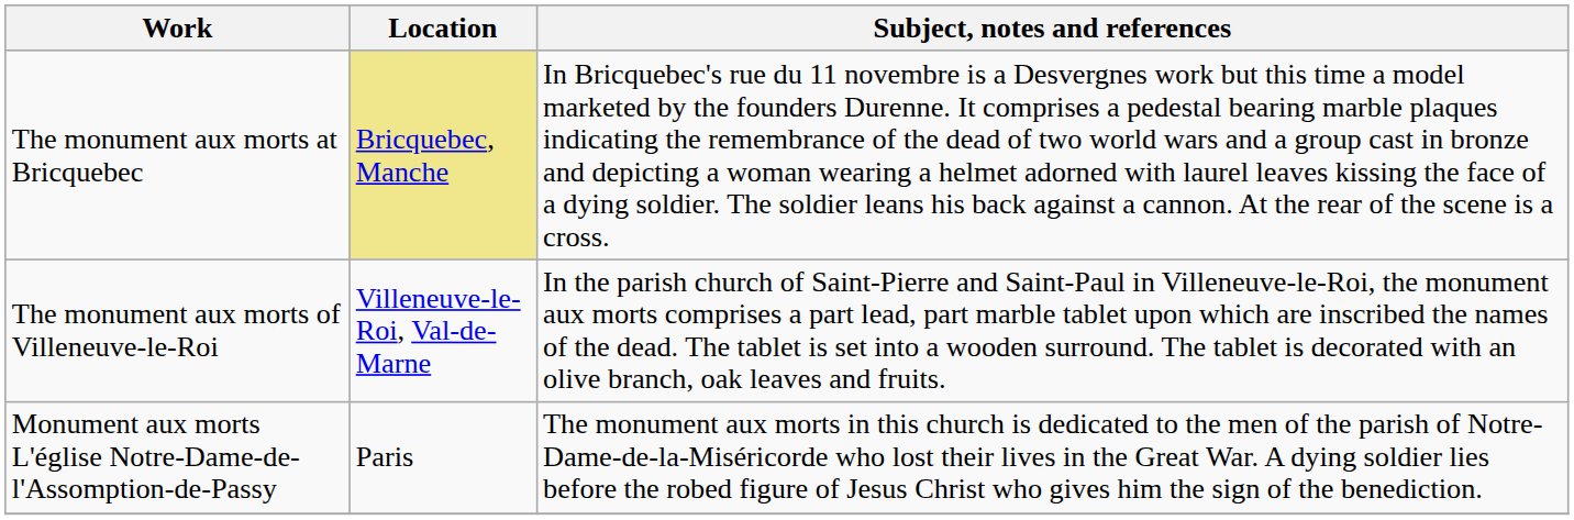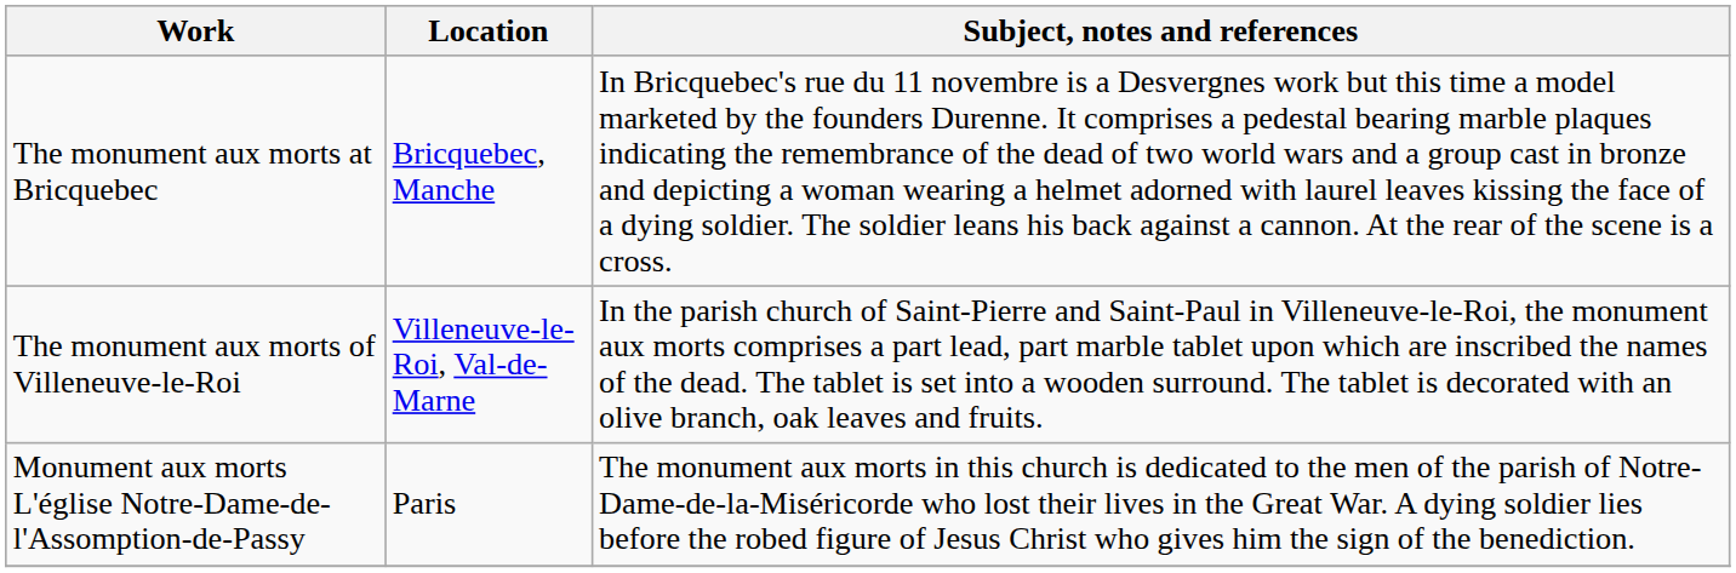 <table class="wikitable sortable">
 <tr>
 <th style="width:200px">Work</th>
 <th style="width:100px">Location</th>
 <th style="width:650px" class="unsortable">Subject, notes and references</th>
 </tr>
 <tr>
 <td>The monument aux morts at Bricquebec</td>
-<td style="background: khaki;"><a href='#'>Bricquebec</a>, <a href='#'>Manche</a></td>
+<td><a href='#'>Bricquebec</a>, <a href='#'>Manche</a></td>
 <td>In Bricquebec's rue du 11 novembre is a Desvergnes work but this time a model marketed by the founders Durenne. It comprises a pedestal bearing marble plaques indicating the remembrance of the dead of two world wars and a group cast in bronze and depicting a woman wearing a helmet adorned with laurel leaves kissing the face of a dying soldier. The soldier leans his back against a cannon. At the rear of the scene is a cross.</td>
 </tr>
 <tr>
 <td>The monument aux morts of Villeneuve-le-Roi</td>
 <td><a href='#'>Villeneuve-le-Roi</a>, <a href='#'>Val-de-Marne</a></td>
 <td>In the parish church of Saint-Pierre and Saint-Paul in Villeneuve-le-Roi, the monument aux morts comprises a part lead, part marble tablet upon which are inscribed the names of the dead. The tablet is set into a wooden surround.  The tablet is decorated with an olive branch, oak leaves and fruits.</td>
 </tr>
 <tr>
 <td>Monument aux morts L'église Notre-Dame-de-l'Assomption-de-Passy</td>
 <td>Paris</td>
 <td>The monument aux morts in this church is dedicated to the men of the parish of Notre-Dame-de-la-Miséricorde who lost their lives in the Great War. A dying soldier lies before the robed figure of Jesus Christ who gives him the sign of the benediction.</td>
 </tr>
 <tr>
 </tr>
 </table>
